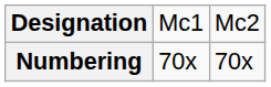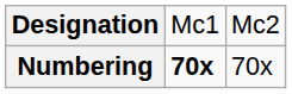 <table class="wikitable">
 <tr>
 <th>Designation</th>
 <td>Mc1</td>
 <td>Mc2</td>
 </tr>
 <tr>
 <th>Numbering</th>
-<td>70x</td>
+<td><strong>70x</strong></td>
 <td>70x</td>
 </tr>
 </table>
